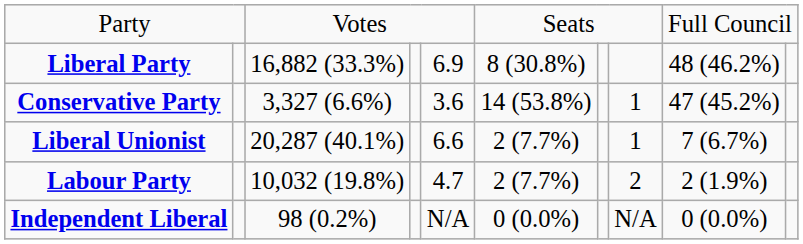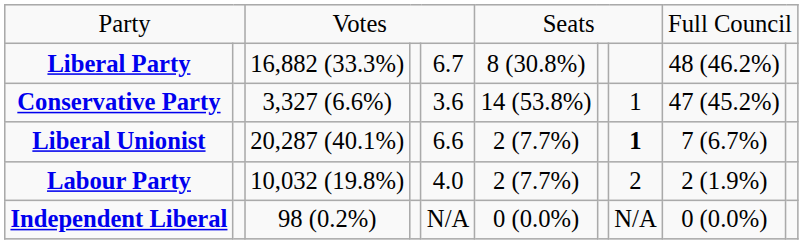 <table class=wikitable style="text-align:center;">
 <tr>
 <td colspan=2>Party</td>
 <td colspan=3>Votes</td>
 <td colspan=3>Seats</td>
 <td colspan=3>Full Council</td>
 </tr>
 <tr>
 <td><strong><a href='#'>Liberal Party</a></strong></td>
 <td style="background:"></td>
 <td>16,882 (33.3%)</td>
 <td></td>
-<td> 6.9</td>
+<td> 6.7</td>
 <td>8 (30.8%)</td>
 <td></td>
 <td></td>
 <td>48 (46.2%)</td>
 <td></td>
 </tr>
 <tr>
 <td><strong><a href='#'>Conservative Party</a></strong></td>
 <td style="background:"></td>
 <td>3,327 (6.6%)</td>
 <td></td>
 <td> 3.6</td>
 <td>14 (53.8%)</td>
 <td></td>
 <td> 1</td>
 <td>47 (45.2%)</td>
 <td></td>
 </tr>
 <tr>
 <td><strong><a href='#'>Liberal Unionist</a></strong></td>
 <td style="background:"></td>
 <td>20,287 (40.1%)</td>
 <td></td>
 <td> 6.6</td>
 <td>2 (7.7%)</td>
 <td></td>
-<td> 1</td>
+<td><strong> 1</strong></td>
 <td>7 (6.7%)</td>
 <td></td>
 </tr>
 <tr>
 <td><strong><a href='#'>Labour Party</a></strong></td>
 <td style="background:"></td>
 <td>10,032 (19.8%)</td>
 <td></td>
-<td> 4.7</td>
+<td> 4.0</td>
 <td>2 (7.7%)</td>
 <td></td>
 <td> 2</td>
 <td>2 (1.9%)</td>
 <td></td>
 </tr>
 <tr>
 <td><strong><a href='#'>Independent Liberal</a></strong></td>
 <td style="background:"></td>
 <td>98 (0.2%)</td>
 <td></td>
 <td>N/A</td>
 <td>0 (0.0%)</td>
 <td></td>
 <td>N/A</td>
 <td>0 (0.0%)</td>
 <td></td>
 </tr>
 </table>
